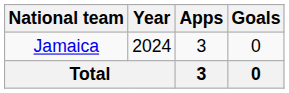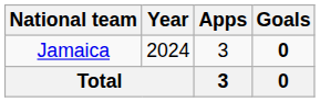 <table class=wikitable style=text-align:center>
 <tr>
 <th>National team</th>
 <th>Year</th>
 <th>Apps</th>
 <th>Goals</th>
 </tr>
 <tr>
 <td rowspan="1"><a href='#'>Jamaica</a></td>
 <td>2024</td>
 <td>3</td>
-<td>0</td>
+<td><strong>0</strong></td>
 </tr>
 <tr>
 <th colspan="2">Total</th>
 <th>3</th>
 <th>0</th>
 </tr>
 </table>
